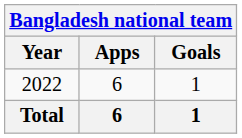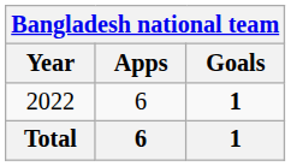 <table class=wikitable style=text-align:center>
 <tr>
 <th colspan=3><a href='#'>Bangladesh national team</a></th>
 </tr>
 <tr>
 <th>Year</th>
 <th>Apps</th>
 <th>Goals</th>
 </tr>
 <tr>
 <td>2022</td>
 <td>6</td>
-<td>1</td>
+<td><strong>1</strong></td>
 </tr>
 <tr>
 <th colspan=1>Total</th>
 <th>6</th>
 <th>1</th>
 </tr>
 </table>
